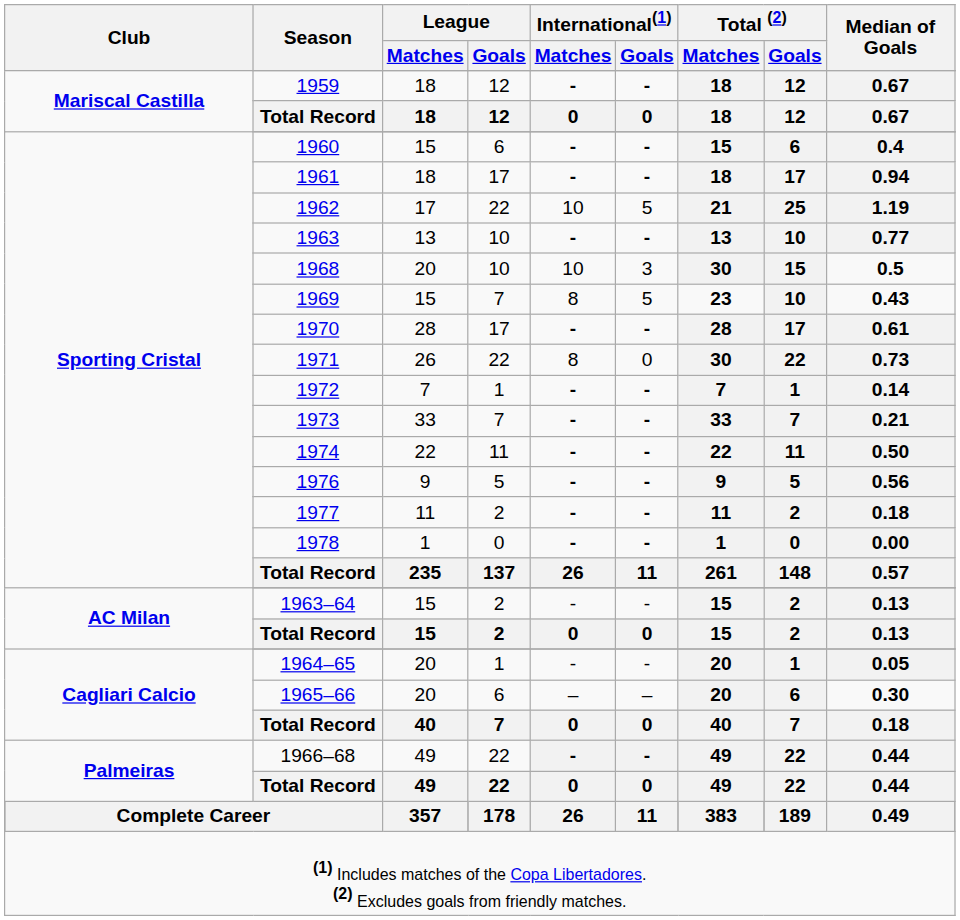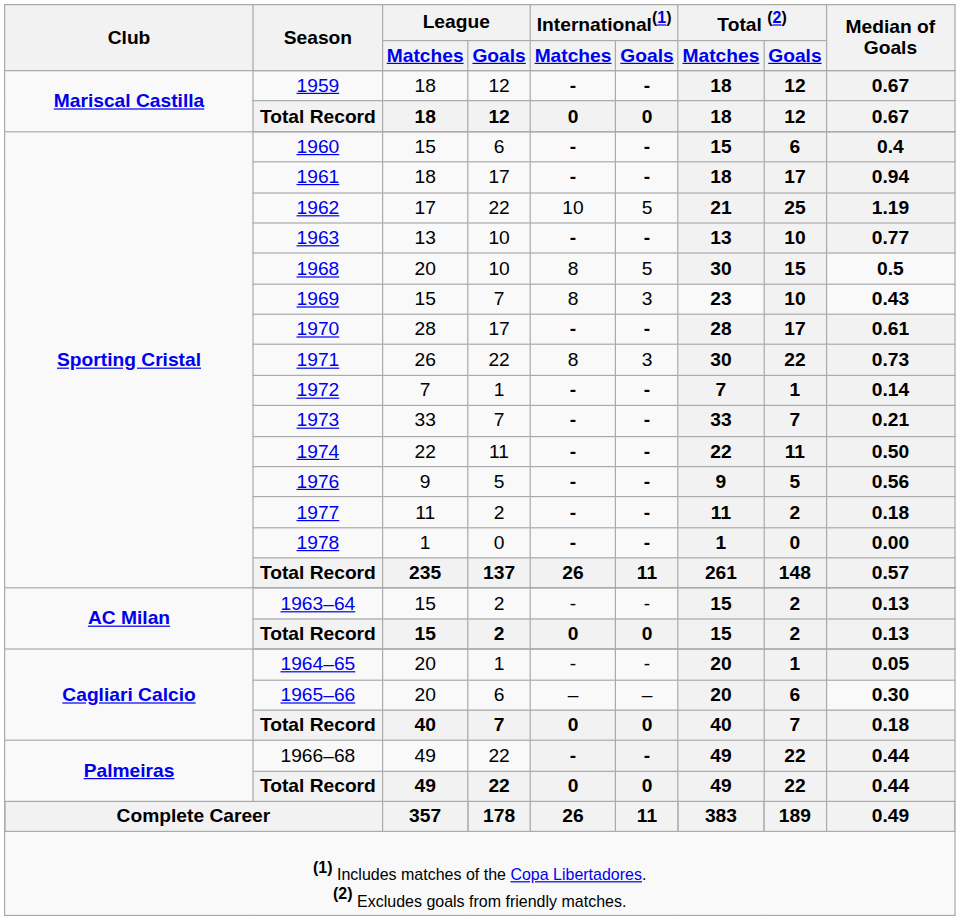 <table class="wikitable center" style="text-align: center">
 <tr bgcolor=#DDD>
 <th rowspan="2" width="200px">Club</th>
 <th rowspan="2" width="100px">Season</th>
 <th colspan="2" width="50px">League</th>
 <th colspan="2" width="50px">International<sup>(<a href='#'>1</a>)</sup></th>
 <th colspan="2" width="100px">Total <sup>(<a href='#'>2</a>)</sup></th>
 <th rowspan="2" width="100px">Median of Goals</th>
 </tr>
 <tr style="background:#DDDDDD">
 <th align=center><a href='#'>Matches</a></th>
 <th align=center><a href='#'>Goals</a></th>
 <th align=center><a href='#'>Matches</a></th>
 <th align=center><a href='#'>Goals</a></th>
 <th align=center><a href='#'>Matches</a></th>
 <th align=center><a href='#'>Goals</a></th>
 </tr>
 <tr style="text-align: center;">
 <td rowspan="3" valign="center"><strong><a href='#'>Mariscal Castilla</a></strong><br><small></small></td>
 </tr>
 <tr style="text-align: center;">
 <td><a href='#'>1959</a></td>
 <td>18</td>
 <td>12</td>
 <td><strong>-</strong></td>
 <td><strong>-</strong></td>
 <th>18</th>
 <th>12</th>
 <th>0.67</th>
 </tr>
 <tr style="background:#DDDDDD">
 <th>Total Record</th>
 <th>18</th>
 <th>12</th>
 <th>0</th>
 <th>0</th>
 <th>18</th>
 <th>12</th>
 <th>0.67</th>
 </tr>
 <tr style="text-align: center;">
 <td rowspan="16" valign="center"><strong><a href='#'>Sporting Cristal</a></strong><br></td>
 </tr>
 <tr style="text-align: center;">
 <td><a href='#'>1960</a></td>
 <td>15</td>
 <td>6</td>
 <td><strong>-</strong></td>
 <td><strong>-</strong></td>
 <th>15</th>
 <th>6</th>
 <th>0.4</th>
 </tr>
 <tr style="text-align: center;">
 <td><a href='#'>1961</a></td>
 <td>18</td>
 <td>17</td>
 <td><strong>-</strong></td>
 <td><strong>-</strong></td>
 <th>18</th>
 <th>17</th>
 <th>0.94</th>
 </tr>
 <tr style="text-align: center;">
 <td><a href='#'>1962</a></td>
 <td>17</td>
 <td>22</td>
 <td>10</td>
 <td>5</td>
 <th>21</th>
 <th>25</th>
 <th>1.19</th>
 </tr>
 <tr style="text-align: center;">
 <td><a href='#'>1963</a></td>
 <td>13</td>
 <td>10</td>
 <td><strong>-</strong></td>
 <td><strong>-</strong></td>
 <th>13</th>
 <th>10</th>
 <th>0.77</th>
 </tr>
 <tr style="text-align: center;">
 <td><a href='#'>1968</a></td>
 <td>20</td>
 <td>10</td>
-<td>10</td>
-<td>3</td>
+<td>8</td>
+<td>5</td>
 <th>30</th>
 <th>15</th>
 <td><strong>0.5</strong></td>
 </tr>
 <tr style="text-align: center;">
 <td><a href='#'>1969</a></td>
 <td>15</td>
 <td>7</td>
 <td>8</td>
-<td>5</td>
+<td>3</td>
 <td><strong>23</strong></td>
 <th>10</th>
 <td><strong>0.43</strong></td>
 </tr>
 <tr style="text-align: center;">
 <td><a href='#'>1970</a></td>
 <td>28</td>
 <td>17</td>
 <td><strong>-</strong></td>
 <td><strong>-</strong></td>
 <th>28</th>
 <th>17</th>
 <th>0.61</th>
 </tr>
 <tr style="text-align: center;">
 <td><a href='#'>1971</a></td>
 <td>26</td>
 <td>22</td>
 <td>8</td>
-<td>0</td>
+<td>3</td>
 <th>30</th>
 <th>22</th>
 <th>0.73</th>
 </tr>
 <tr style="text-align: center;">
 <td><a href='#'>1972</a></td>
 <td>7</td>
 <td>1</td>
 <td><strong>-</strong></td>
 <td><strong>-</strong></td>
 <th>7</th>
 <th>1</th>
 <th>0.14</th>
 </tr>
 <tr style="text-align: center;">
 <td><a href='#'>1973</a></td>
 <td>33</td>
 <td>7</td>
 <td><strong>-</strong></td>
 <td><strong>-</strong></td>
 <th>33</th>
 <th>7</th>
 <th>0.21</th>
 </tr>
 <tr style="text-align: center;">
 <td><a href='#'>1974</a></td>
 <td>22</td>
 <td>11</td>
 <td><strong>-</strong></td>
 <td><strong>-</strong></td>
 <th>22</th>
 <th>11</th>
 <th>0.50</th>
 </tr>
 <tr style="text-align: center;">
 <td><a href='#'>1976</a></td>
 <td>9</td>
 <td>5</td>
 <td><strong>-</strong></td>
 <td><strong>-</strong></td>
 <th>9</th>
 <th>5</th>
 <th>0.56</th>
 </tr>
 <tr style="text-align: center;">
 <td><a href='#'>1977</a></td>
 <td>11</td>
 <td>2</td>
 <td><strong>-</strong></td>
 <td><strong>-</strong></td>
 <th>11</th>
 <th>2</th>
 <th>0.18</th>
 </tr>
 <tr style="text-align: center;">
 <td><a href='#'>1978</a></td>
 <td>1</td>
 <td>0</td>
 <td><strong>-</strong></td>
 <td><strong>-</strong></td>
 <th>1</th>
 <th>0</th>
 <th>0.00</th>
 </tr>
 <tr style="background:#DDDDDD">
 <th>Total Record</th>
 <th>235</th>
 <th>137</th>
 <th>26</th>
 <th>11</th>
 <th>261</th>
 <th>148</th>
 <th>0.57</th>
 </tr>
 <tr style="text-align: center;">
 <td rowspan="3" valign="center"><strong><a href='#'>AC Milan</a></strong><br></td>
 </tr>
 <tr style="text-align: center;">
 <td><a href='#'>1963–64</a></td>
 <td>15</td>
 <td>2</td>
 <td>-</td>
 <td>-</td>
 <th>15</th>
 <th>2</th>
 <th>0.13</th>
 </tr>
 <tr style="background:#DDDDDD">
 <th>Total Record</th>
 <th>15</th>
 <th>2</th>
 <th>0</th>
 <th>0</th>
 <th>15</th>
 <th>2</th>
 <th>0.13</th>
 </tr>
 <tr style="text-align: center;">
 <td rowspan="4" valign="center"><strong><a href='#'>Cagliari Calcio</a></strong><br></td>
 </tr>
 <tr style="text-align: center;">
 <td><a href='#'>1964–65</a></td>
 <td>20</td>
 <td>1</td>
 <td>-</td>
 <td>-</td>
 <th>20</th>
 <th>1</th>
 <th>0.05</th>
 </tr>
 <tr style="text-align: center;">
 <td><a href='#'>1965–66</a></td>
 <td>20</td>
 <td>6</td>
 <td>–</td>
 <td>–</td>
 <th>20</th>
 <th>6</th>
 <td><strong>0.30</strong></td>
 </tr>
 <tr style="background:#DDDDDD">
 <th>Total Record</th>
 <th>40</th>
 <th>7</th>
 <th>0</th>
 <th>0</th>
 <th>40</th>
 <th>7</th>
 <th>0.18</th>
 </tr>
 <tr style="text-align: center;">
 <td rowspan="2" align=center valign=center><strong><a href='#'>Palmeiras</a></strong><br></td>
 <td>1966–68</td>
 <td>49</td>
 <td>22</td>
 <th>-</th>
 <th>-</th>
 <th>49</th>
 <th>22</th>
 <th>0.44</th>
 </tr>
 <tr style="background:#DDDDDD">
 <th>Total Record</th>
 <th>49</th>
 <th>22</th>
 <th>0</th>
 <th>0</th>
 <th>49</th>
 <th>22</th>
 <th>0.44</th>
 </tr>
 <tr align="center" bgcolor="000000" style="color: black;">
 <th colspan="2" valign="center">Complete Career</th>
 <th>357</th>
 <th>178</th>
 <th>26</th>
 <th>11</th>
 <th>383</th>
 <th>189</th>
 <th>0.49</th>
 </tr>
 <tr>
 <td colspan="10"><br><div></div><sup><strong>(1)</strong></sup><small> Includes matches of the <a href='#'>Copa Libertadores</a>.</small> <div></div><sup><strong>(2)</strong></sup><small> Excludes goals from friendly matches.</small></td>
 </tr>
 </table>
